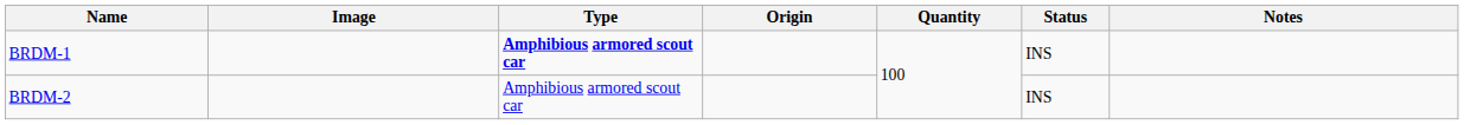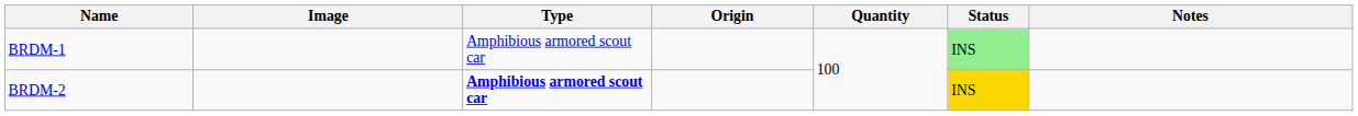 <table class="wikitable" style="width:90%;">
 <tr>
 <th width=14%>Name</th>
 <th width=20%>Image</th>
 <th width=14%>Type</th>
 <th width=12%>Origin</th>
 <th width=10%>Quantity</th>
 <th width=06%>Status</th>
 <th width=24%>Notes</th>
 </tr>
 <tr>
 <td><a href='#'>BRDM-1</a></td>
 <td></td>
-<td><strong><a href='#'>Amphibious</a> <a href='#'>armored scout car</a></strong></td>
+<td><a href='#'>Amphibious</a> <a href='#'>armored scout car</a></td>
 <td></td>
 <td rowspan="2">100</td>
-<td>INS</td>
+<td style="background: lightgreen;">INS</td>
 <td></td>
 </tr>
 <tr>
 <td><a href='#'>BRDM-2</a></td>
 <td></td>
-<td><a href='#'>Amphibious</a> <a href='#'>armored scout car</a></td>
+<td><strong><a href='#'>Amphibious</a> <a href='#'>armored scout car</a></strong></td>
 <td></td>
-<td>INS</td>
+<td style="background: gold;">INS</td>
 <td></td>
 </tr>
 </table>
